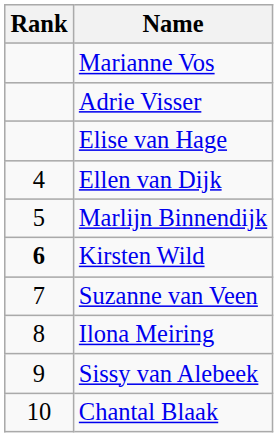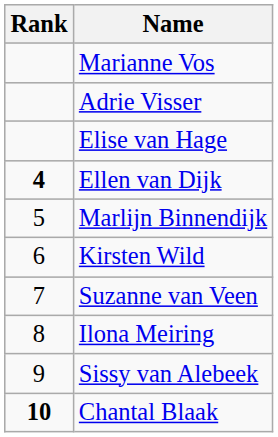 <table class="wikitable sortable" style="text-align:center">
 <tr>
 <th>Rank</th>
 <th>Name</th>
 </tr>
 <tr>
 <td></td>
 <td align=left><a href='#'>Marianne Vos</a></td>
 </tr>
 <tr>
 <td></td>
 <td align=left><a href='#'>Adrie Visser</a></td>
 </tr>
 <tr>
 <td></td>
 <td align=left><a href='#'>Elise van Hage</a></td>
 </tr>
 <tr>
-<td>4</td>
+<td><strong>4</strong></td>
 <td align=left><a href='#'>Ellen van Dijk</a></td>
 </tr>
 <tr>
 <td>5</td>
 <td align=left><a href='#'>Marlijn Binnendijk</a></td>
 </tr>
 <tr>
-<td><strong>6</strong></td>
+<td>6</td>
 <td align=left><a href='#'>Kirsten Wild</a></td>
 </tr>
 <tr>
 <td>7</td>
 <td align=left><a href='#'>Suzanne van Veen</a></td>
 </tr>
 <tr>
 <td>8</td>
 <td align=left><a href='#'>Ilona Meiring</a></td>
 </tr>
 <tr>
 <td>9</td>
 <td align=left><a href='#'>Sissy van Alebeek</a></td>
 </tr>
 <tr>
-<td>10</td>
+<td><strong>10</strong></td>
 <td align=left><a href='#'>Chantal Blaak</a></td>
 </tr>
 </table>
